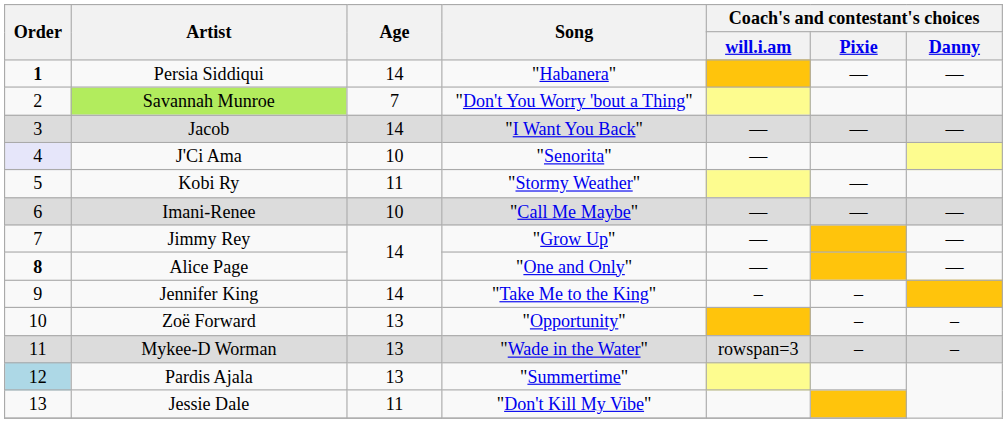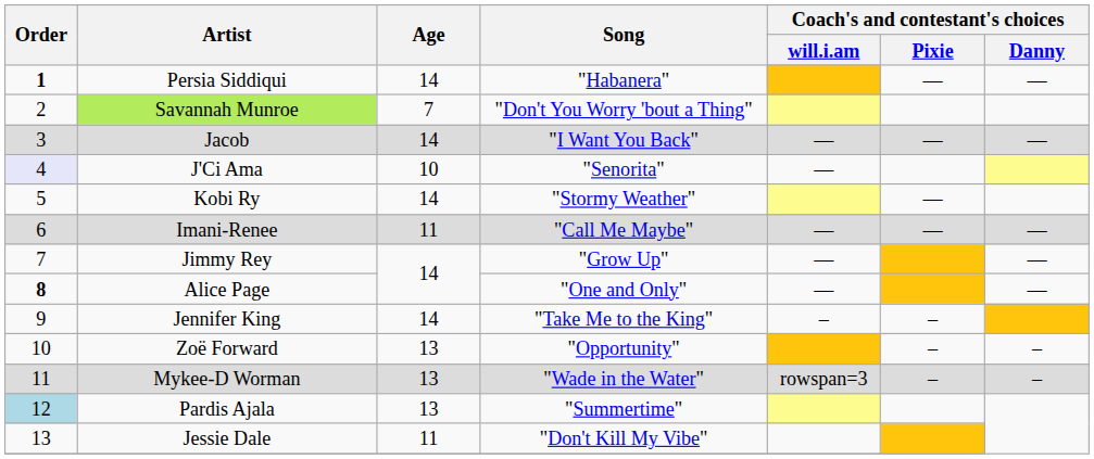 <table class="wikitable" style="text-align:center; line-height:17px; font-size:100%; width:100%;">
 <tr>
 <th scope="col" rowspan="2" width="05%">Order</th>
 <th scope="col" rowspan="2" width="23%">Artist</th>
 <th scope="col" rowspan="2" width="08%">Age</th>
 <th scope="col" rowspan="2" width="22%">Song</th>
 <th scope="col" colspan="3" width="24%">Coach's and contestant's choices</th>
 </tr>
 <tr>
 <th width="08%"><a href='#'>will.i.am</a></th>
 <th width="08%"><a href='#'>Pixie</a></th>
 <th width="08%"><a href='#'>Danny</a></th>
 </tr>
 <tr>
 <td scope="row"><strong>1</strong></td>
 <td>Persia Siddiqui</td>
 <td>14</td>
 <td>"<a href='#'>Habanera</a>"</td>
 <td style="background:#FFC40C;"><strong></strong></td>
 <td>—</td>
 <td>—</td>
 </tr>
 <tr>
 <td scope="row">2</td>
 <td style="background-color:#B2EC5D;">Savannah Munroe</td>
 <td>7</td>
 <td>"<a href='#'>Don't You Worry 'bout a Thing</a>"</td>
 <td style="background:#fdfc8f;"><strong></strong></td>
 <td><strong></strong></td>
 <td><strong></strong></td>
 </tr>
 <tr bgcolor=#DCDCDC>
 <td scope="row">3</td>
 <td>Jacob</td>
 <td>14</td>
 <td>"<a href='#'>I Want You Back</a>"</td>
 <td>—</td>
 <td>—</td>
 <td>—</td>
 </tr>
 <tr>
 <td scope="row" style="background: lavender;">4</td>
 <td>J'Ci Ama</td>
 <td>10</td>
 <td>"<a href='#'>Senorita</a>"</td>
 <td>—</td>
 <td><strong></strong></td>
 <td style="background:#fdfc8f;"><strong></strong></td>
 </tr>
 <tr>
 <td scope="row">5</td>
 <td>Kobi Ry</td>
-<td>11</td>
+<td>14</td>
 <td>"<a href='#'>Stormy Weather</a>"</td>
 <td style="background:#fdfc8f;"><strong></strong></td>
 <td>—</td>
 <td><strong></strong></td>
 </tr>
 <tr bgcolor=#DCDCDC>
 <td scope="row">6</td>
 <td>Imani-Renee</td>
-<td>10</td>
+<td>11</td>
 <td>"<a href='#'>Call Me Maybe</a>"</td>
 <td>—</td>
 <td>—</td>
 <td>—</td>
 </tr>
 <tr>
 <td scope="row">7</td>
 <td>Jimmy Rey</td>
 <td rowspan="2">14</td>
 <td>"<a href='#'>Grow Up</a>"</td>
 <td>—</td>
 <td style="background:#FFC40C;"><strong></strong></td>
 <td>—</td>
 </tr>
 <tr>
 <td scope="row"><strong>8</strong></td>
 <td>Alice Page</td>
 <td>"<a href='#'>One and Only</a>"</td>
 <td>—</td>
 <td style="background:#FFC40C;"><strong></strong></td>
 <td>—</td>
 </tr>
 <tr>
 <td scope="row">9</td>
 <td>Jennifer King</td>
 <td>14</td>
 <td>"<a href='#'>Take Me to the King</a>"</td>
 <td>–</td>
 <td>–</td>
 <td style="background:#FFC40C;"><strong></strong></td>
 </tr>
 <tr>
 <td scope="row">10</td>
 <td>Zoë Forward</td>
 <td>13</td>
 <td>"<a href='#'>Opportunity</a>"</td>
 <td style="background:#FFC40C;"><strong></strong></td>
 <td>–</td>
 <td>–</td>
 </tr>
 <tr bgcolor=#DCDCDC>
 <td scope="row">11</td>
 <td>Mykee-D Worman</td>
 <td>13</td>
 <td>"<a href='#'>Wade in the Water</a>"</td>
 <td>rowspan=3 </td>
 <td>–</td>
 <td>–</td>
 </tr>
 <tr>
 <td scope="row" style="background: lightblue;">12</td>
 <td>Pardis Ajala</td>
 <td>13</td>
 <td>"<a href='#'>Summertime</a>"</td>
 <td style="background:#fdfc8f;"><strong></strong></td>
 <td><strong></strong></td>
 </tr>
 <tr>
 <td scope="row">13</td>
 <td>Jessie Dale</td>
 <td>11</td>
 <td>"<a href='#'>Don't Kill My Vibe</a>"</td>
 <td></td>
 <td style="background:#FFC40C;"><strong></strong></td>
 </tr>
 <tr>
 </tr>
 </table>
